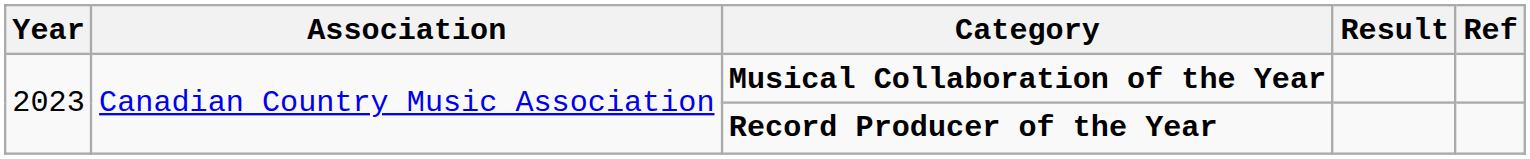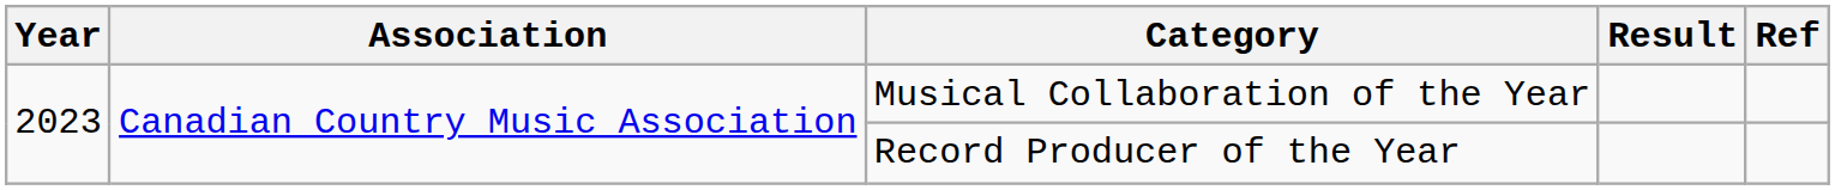 <table class="wikitable">
 <tr>
 <th>Year</th>
 <th>Association</th>
 <th>Category</th>
 <th>Result</th>
 <th>Ref</th>
 </tr>
 <tr>
 <td rowspan="2">2023</td>
 <td rowspan="2"><a href='#'>Canadian Country Music Association</a></td>
-<td><strong>Musical Collaboration of the Year</strong></td>
+<td>Musical Collaboration of the Year</td>
 <td></td>
 <td></td>
 </tr>
 <tr>
-<td><strong>Record Producer of the Year</strong></td>
+<td>Record Producer of the Year</td>
 <td></td>
 <td></td>
 </tr>
 </table>
